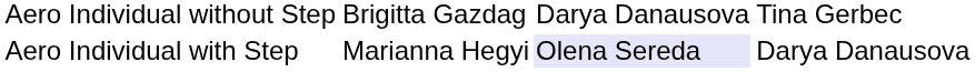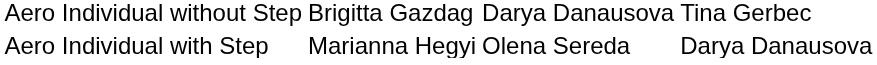 <table>
 <tr>
 <td>Aero Individual without Step</td>
 <td>Brigitta Gazdag </td>
 <td>Darya Danausova </td>
 <td>Tina Gerbec </td>
 </tr>
 <tr>
 <td>Aero Individual with Step</td>
 <td>Marianna Hegyi </td>
-<td style="background: lavender;">Olena Sereda </td>
+<td>Olena Sereda </td>
 <td>Darya Danausova </td>
 </tr>
 <tr>
 </tr>
 </table>
